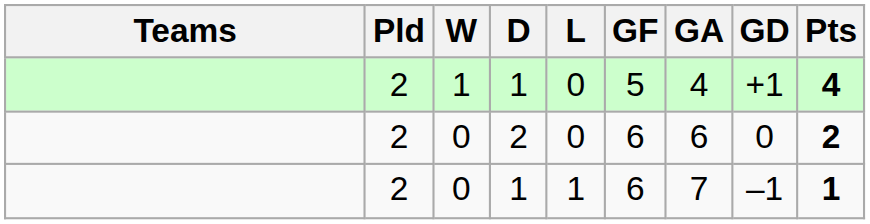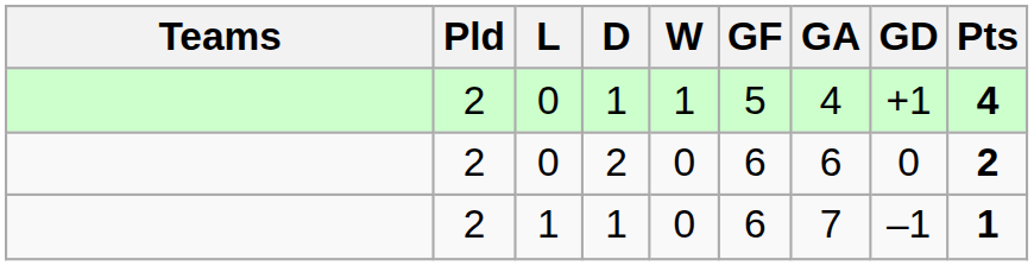 <table class="wikitable" style="text-align: center;">
 <tr>
 <th width=165>Teams</th>
 <th width=20>Pld</th>
+<th width=20>L</th>
+<th width=20>D</th>
 <th width=20>W</th>
-<th width=20>D</th>
-<th width=20>L</th>
 <th width=20>GF</th>
 <th width=20>GA</th>
 <th width=20>GD</th>
 <th width=20>Pts</th>
 </tr>
 <tr align=center style="background:#ccffcc;">
 <td style="text-align:left;"></td>
 <td>2</td>
+<td>0</td>
 <td>1</td>
 <td>1</td>
-<td>0</td>
 <td>5</td>
 <td>4</td>
 <td>+1</td>
 <td><strong>4</strong></td>
 </tr>
 <tr align=center>
 <td style="text-align:left;"></td>
 <td>2</td>
 <td>0</td>
 <td>2</td>
 <td>0</td>
 <td>6</td>
 <td>6</td>
 <td>0</td>
 <td><strong>2</strong></td>
 </tr>
 <tr align=center>
 <td style="text-align:left;"></td>
 <td>2</td>
-<td>0</td>
 <td>1</td>
 <td>1</td>
+<td>0</td>
 <td>6</td>
 <td>7</td>
 <td>–1</td>
 <td><strong>1</strong></td>
 </tr>
 </table>
